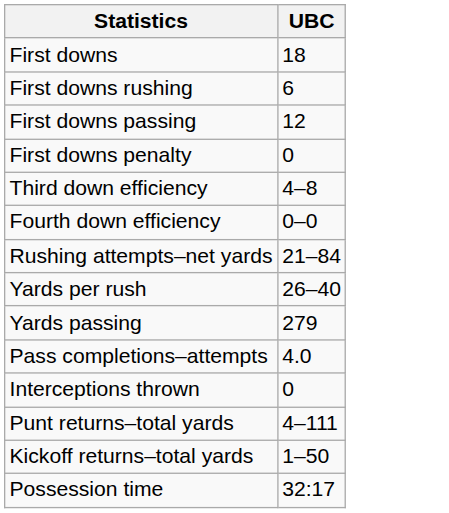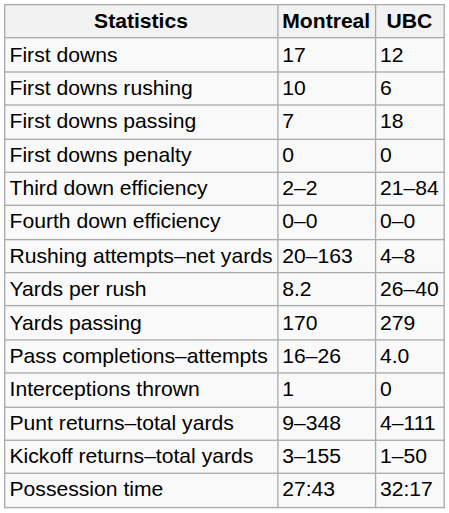 <table class="wikitable">
 <tr>
 <th>Statistics</th>
+<th>Montreal</th>
 <th>UBC</th>
 </tr>
 <tr>
 <td>First downs</td>
-<td>18</td>
+<td>17</td>
+<td>12</td>
 </tr>
 <tr>
 <td>First downs rushing</td>
+<td>10</td>
 <td>6</td>
 </tr>
 <tr>
 <td>First downs passing</td>
-<td>12</td>
+<td>7</td>
+<td>18</td>
 </tr>
 <tr>
 <td>First downs penalty</td>
 <td>0</td>
+<td>0</td>
 </tr>
 <tr>
 <td>Third down efficiency</td>
-<td>4–8</td>
+<td>2–2</td>
+<td>21–84</td>
 </tr>
 <tr>
 <td>Fourth down efficiency</td>
 <td>0–0</td>
+<td>0–0</td>
 </tr>
 <tr>
 <td>Rushing attempts–net yards</td>
-<td>21–84</td>
+<td>20–163</td>
+<td>4–8</td>
 </tr>
 <tr>
 <td>Yards per rush</td>
+<td>8.2</td>
 <td>26–40</td>
 </tr>
 <tr>
 <td>Yards passing</td>
+<td>170</td>
 <td>279</td>
 </tr>
 <tr>
 <td>Pass completions–attempts</td>
+<td>16–26</td>
 <td>4.0</td>
 </tr>
 <tr>
 <td>Interceptions thrown</td>
+<td>1</td>
 <td>0</td>
 </tr>
 <tr>
 <td>Punt returns–total yards</td>
+<td>9–348</td>
 <td>4–111</td>
 </tr>
 <tr>
 <td>Kickoff returns–total yards</td>
+<td>3–155</td>
 <td>1–50</td>
 </tr>
 <tr>
 <td>Possession time</td>
+<td>27:43</td>
 <td>32:17</td>
 </tr>
 </table>
